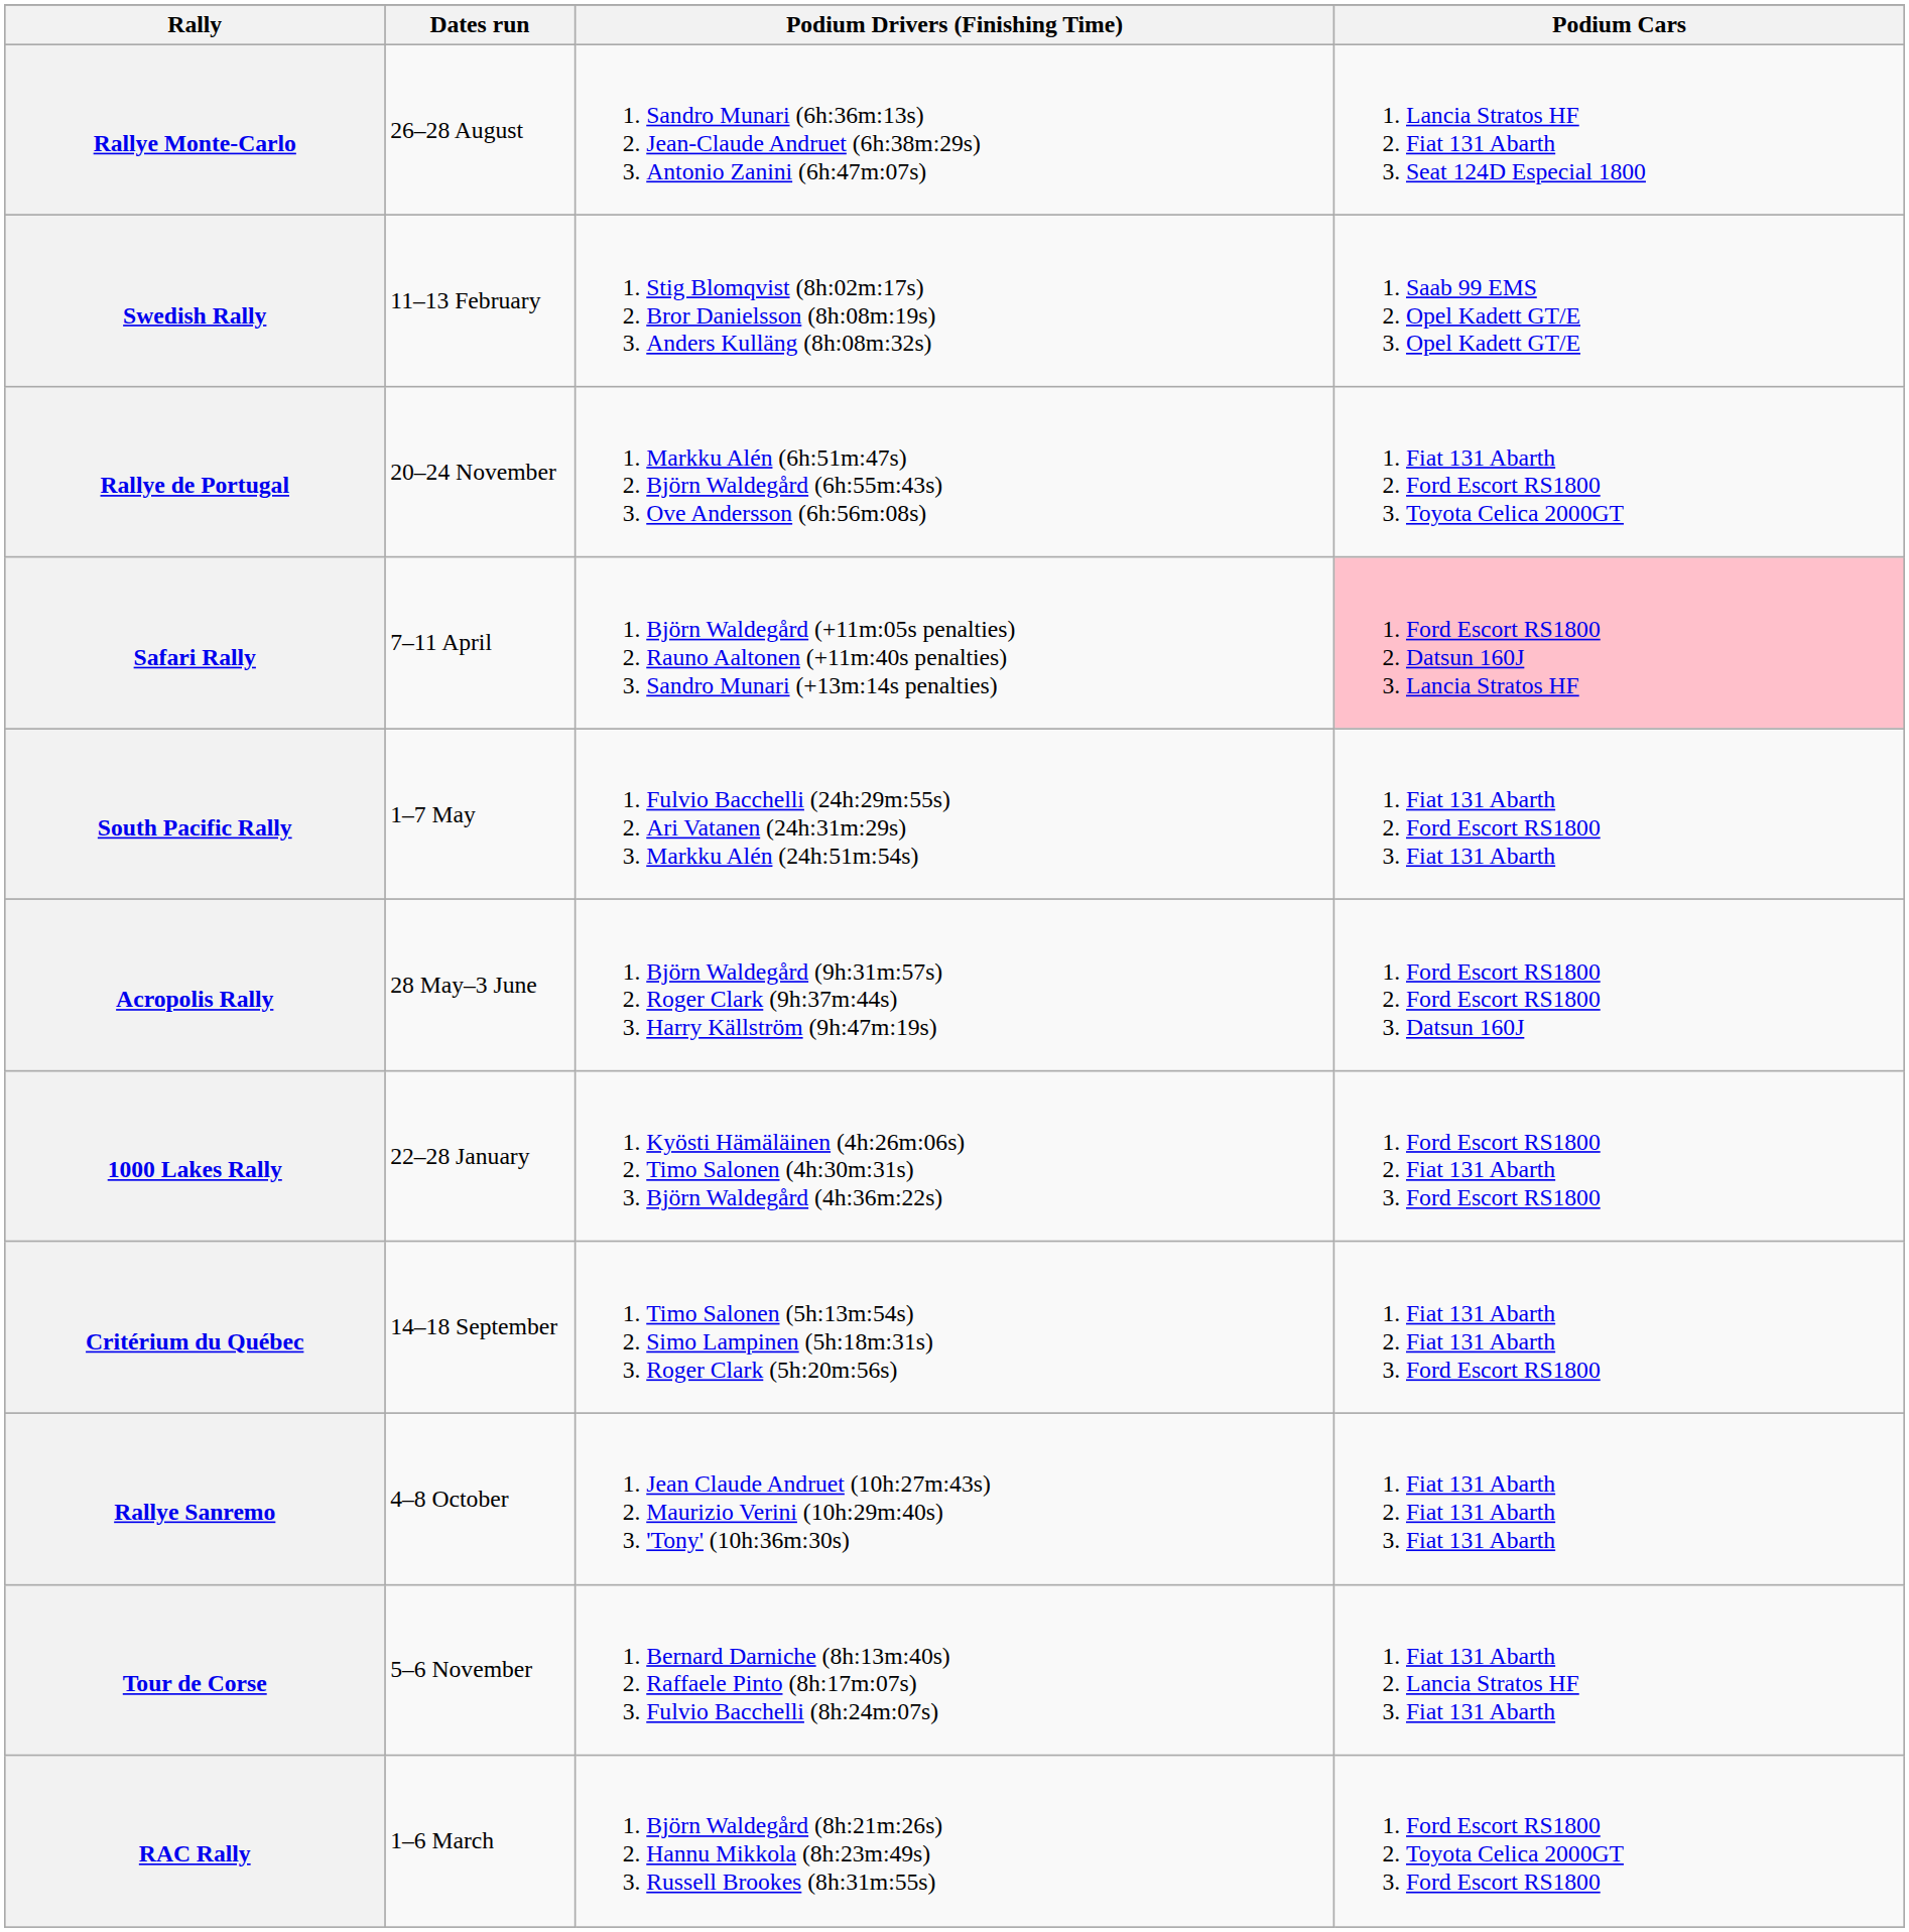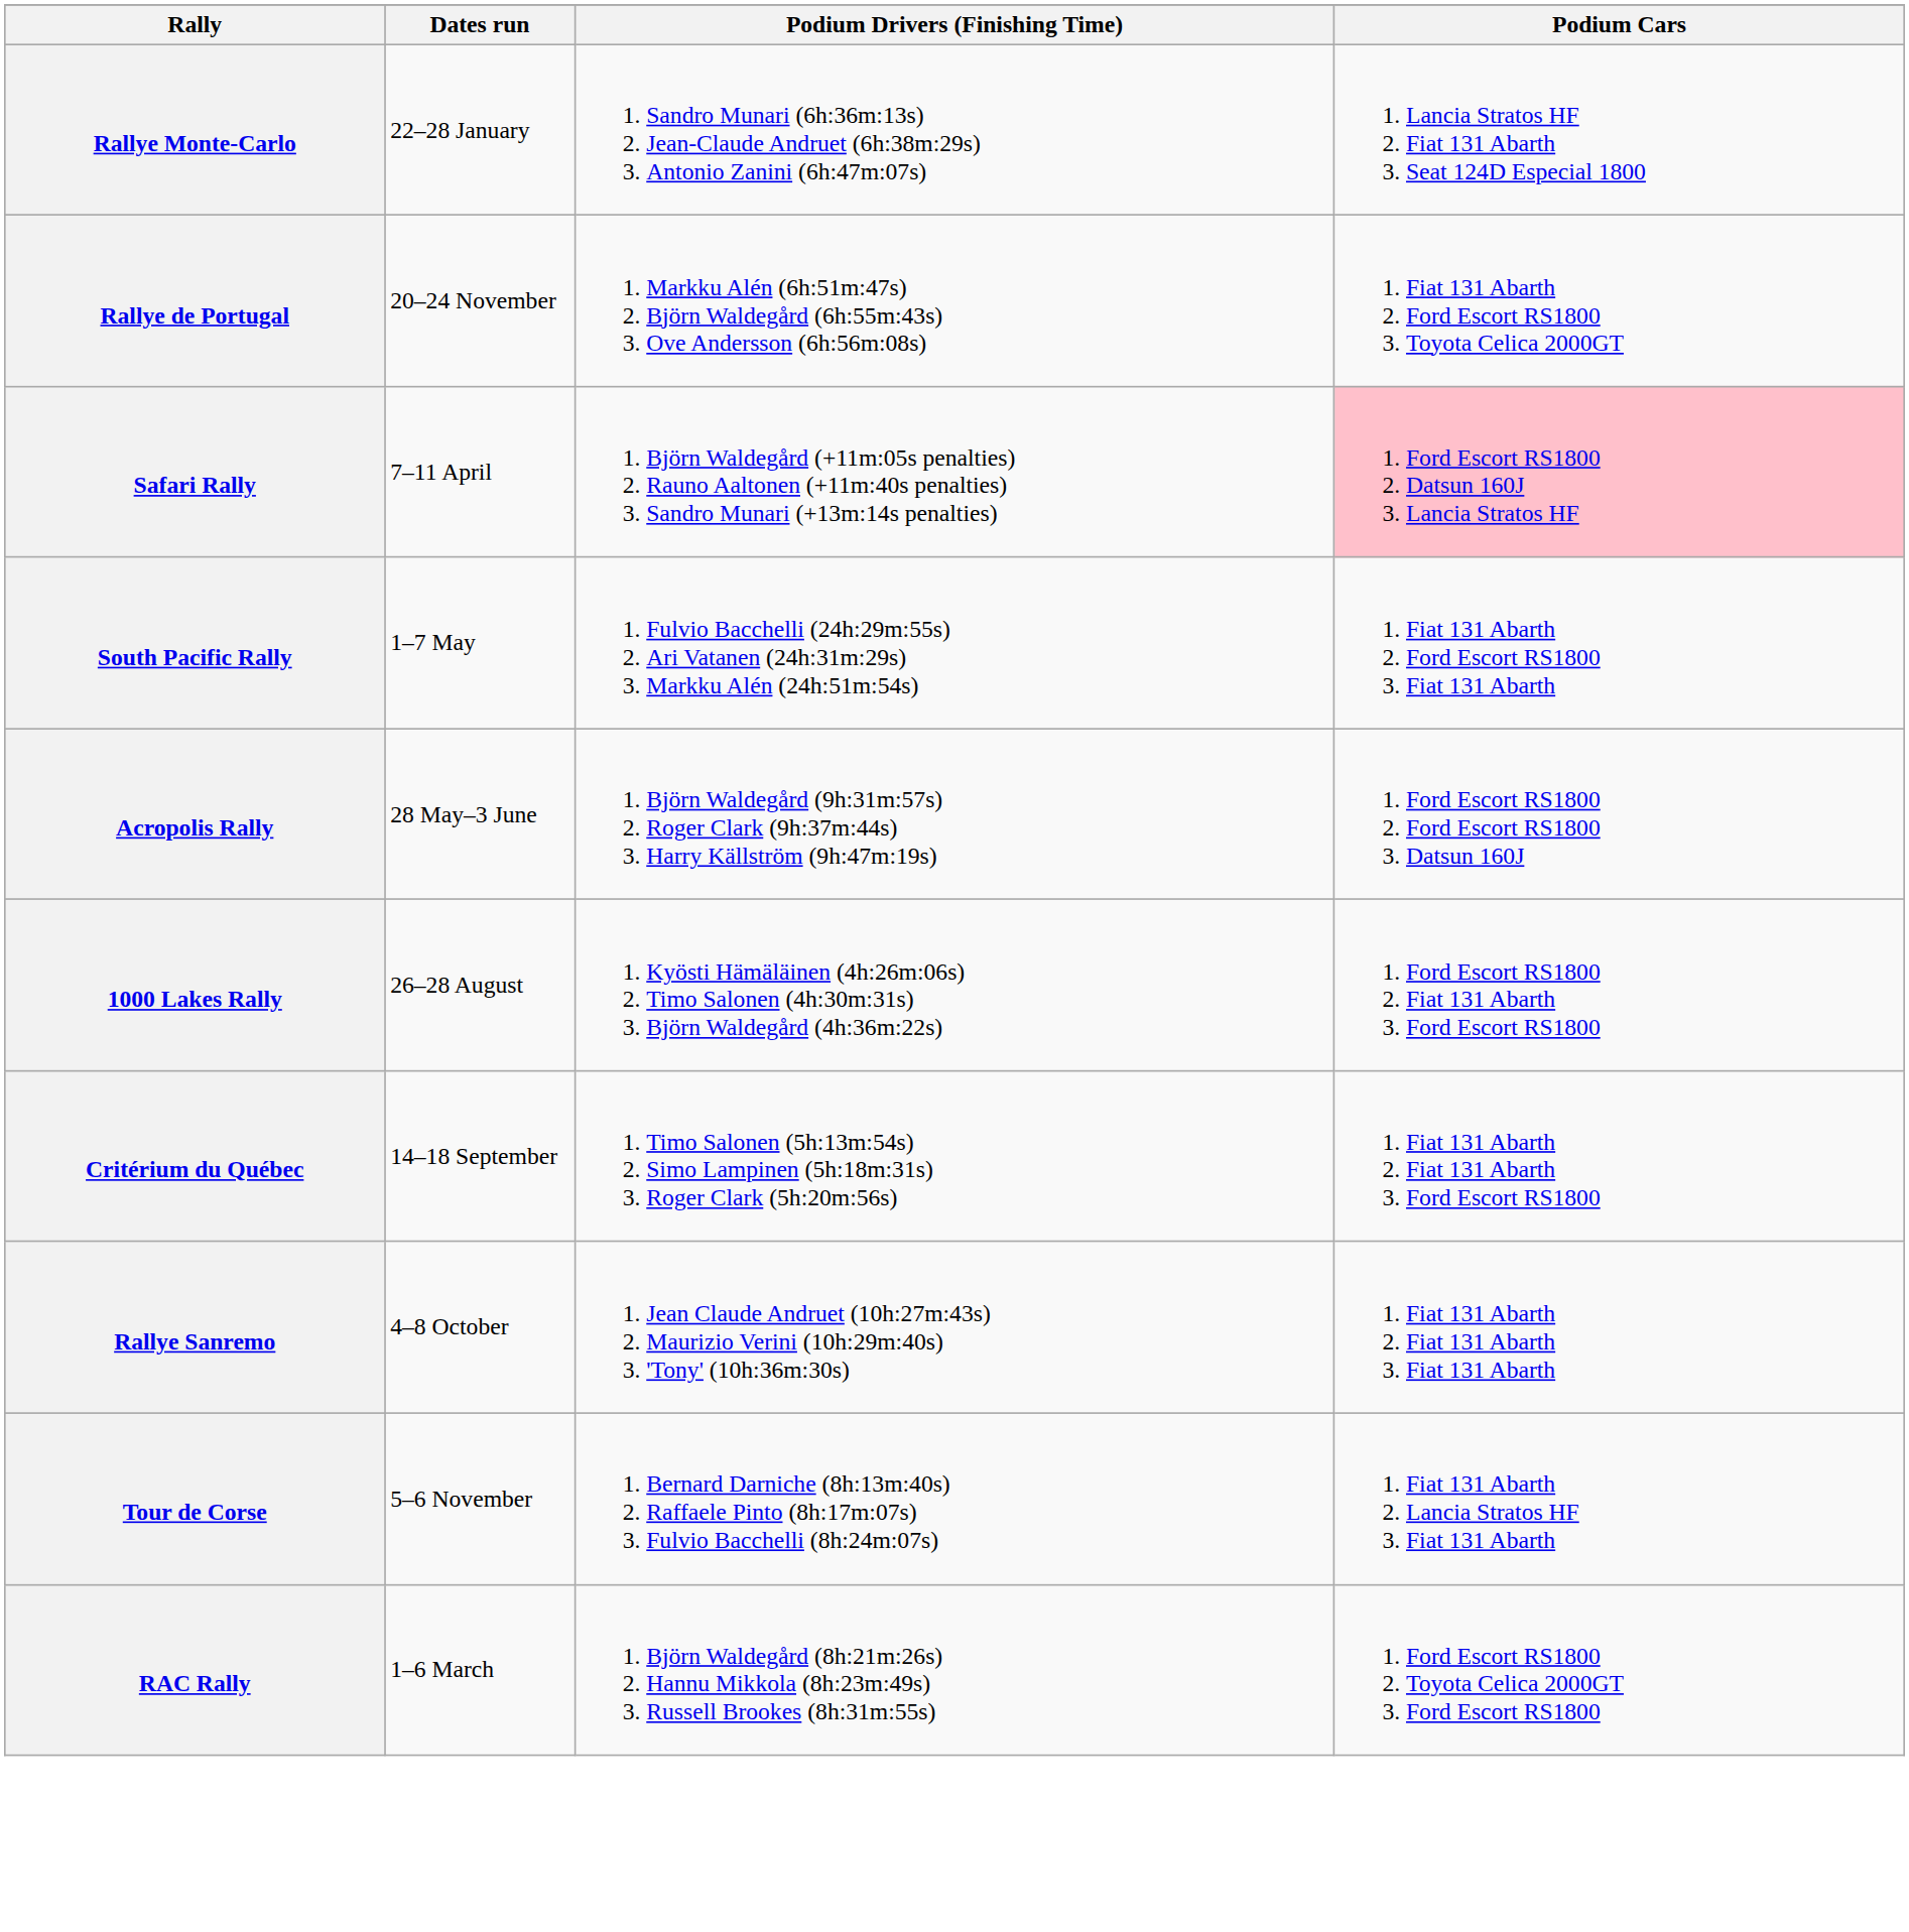 <table class="wikitable" width="100%" align=center style="font-size:90%; max-width: 1150px;">
 <tr>
 </tr>
 <tr style="background:#efefef;">
 <th colspan=1 width=20%>Rally</th>
 <th colspan=1 width=10%>Dates run</th>
 <th colspan=1 width=40%>Podium Drivers (Finishing Time)</th>
 <th colspan=1 width=30%>Podium Cars</th>
 </tr>
 <tr>
 <th><br><a href='#'>Rallye Monte-Carlo</a></th>
-<td>26–28 August</td>
+<td>22–28 January</td>
 <td><br><ol><li> <a href='#'>Sandro Munari</a> (6h:36m:13s)</li><li> <a href='#'>Jean-Claude Andruet</a> (6h:38m:29s)</li><li> <a href='#'>Antonio Zanini</a> (6h:47m:07s)</li></ol></td>
 <td><br><ol><li><a href='#'>Lancia Stratos HF</a></li><li><a href='#'>Fiat 131 Abarth</a></li><li><a href='#'>Seat 124D Especial 1800</a></li></ol></td>
-</tr>
-<tr>
-<th><br><a href='#'>Swedish Rally</a></th>
-<td>11–13 February</td>
-<td><br><ol><li> <a href='#'>Stig Blomqvist</a> (8h:02m:17s)</li><li> <a href='#'>Bror Danielsson</a> (8h:08m:19s)</li><li> <a href='#'>Anders Kulläng</a> (8h:08m:32s)</li></ol></td>
-<td><br><ol><li><a href='#'>Saab 99 EMS</a></li><li><a href='#'>Opel Kadett GT/E</a></li><li><a href='#'>Opel Kadett GT/E</a></li></ol></td>
 </tr>
 <tr>
 <th><br><a href='#'>Rallye de Portugal</a></th>
 <td>20–24 November</td>
 <td><br><ol><li> <a href='#'>Markku Alén</a> (6h:51m:47s)</li><li> <a href='#'>Björn Waldegård</a> (6h:55m:43s)</li><li> <a href='#'>Ove Andersson</a> (6h:56m:08s)</li></ol></td>
 <td><br><ol><li><a href='#'>Fiat 131 Abarth</a></li><li><a href='#'>Ford Escort RS1800</a></li><li><a href='#'>Toyota Celica 2000GT</a></li></ol></td>
 </tr>
 <tr>
 <th><br><a href='#'>Safari Rally</a></th>
 <td>7–11 April</td>
 <td><br><ol><li> <a href='#'>Björn Waldegård</a> (+11m:05s penalties)</li><li> <a href='#'>Rauno Aaltonen</a> (+11m:40s penalties)</li><li> <a href='#'>Sandro Munari</a> (+13m:14s penalties)</li></ol></td>
 <td style="background: pink;"><br><ol><li><a href='#'>Ford Escort RS1800</a></li><li><a href='#'>Datsun 160J</a></li><li><a href='#'>Lancia Stratos HF</a></li></ol></td>
 </tr>
 <tr>
 <th><br><a href='#'>South Pacific Rally</a></th>
 <td>1–7 May</td>
 <td><br><ol><li> <a href='#'>Fulvio Bacchelli</a> (24h:29m:55s)</li><li> <a href='#'>Ari Vatanen</a> (24h:31m:29s)</li><li> <a href='#'>Markku Alén</a> (24h:51m:54s)</li></ol></td>
 <td><br><ol><li><a href='#'>Fiat 131 Abarth</a></li><li><a href='#'>Ford Escort RS1800</a></li><li><a href='#'>Fiat 131 Abarth</a></li></ol></td>
 </tr>
 <tr>
 <th><br><a href='#'>Acropolis Rally</a></th>
 <td>28 May–3 June</td>
 <td><br><ol><li> <a href='#'>Björn Waldegård</a> (9h:31m:57s)</li><li> <a href='#'>Roger Clark</a> (9h:37m:44s)</li><li> <a href='#'>Harry Källström</a> (9h:47m:19s)</li></ol></td>
 <td><br><ol><li><a href='#'>Ford Escort RS1800</a></li><li><a href='#'>Ford Escort RS1800</a></li><li><a href='#'>Datsun 160J</a></li></ol></td>
 </tr>
 <tr>
 <th><br><a href='#'>1000 Lakes Rally</a></th>
-<td>22–28 January</td>
+<td>26–28 August</td>
 <td><br><ol><li> <a href='#'>Kyösti Hämäläinen</a> (4h:26m:06s)</li><li> <a href='#'>Timo Salonen</a> (4h:30m:31s)</li><li> <a href='#'>Björn Waldegård</a> (4h:36m:22s)</li></ol></td>
 <td><br><ol><li><a href='#'>Ford Escort RS1800</a></li><li><a href='#'>Fiat 131 Abarth</a></li><li><a href='#'>Ford Escort RS1800</a></li></ol></td>
 </tr>
 <tr>
 <th><br><a href='#'>Critérium du Québec</a></th>
 <td>14–18 September</td>
 <td><br><ol><li> <a href='#'>Timo Salonen</a> (5h:13m:54s)</li><li> <a href='#'>Simo Lampinen</a> (5h:18m:31s)</li><li> <a href='#'>Roger Clark</a> (5h:20m:56s)</li></ol></td>
 <td><br><ol><li><a href='#'>Fiat 131 Abarth</a></li><li><a href='#'>Fiat 131 Abarth</a></li><li><a href='#'>Ford Escort RS1800</a></li></ol></td>
 </tr>
 <tr>
 <th><br><a href='#'>Rallye Sanremo</a></th>
 <td>4–8 October</td>
 <td><br><ol><li> <a href='#'>Jean Claude Andruet</a> (10h:27m:43s)</li><li> <a href='#'>Maurizio Verini</a> (10h:29m:40s)</li><li> <a href='#'>'Tony'</a> (10h:36m:30s)</li></ol></td>
 <td><br><ol><li><a href='#'>Fiat 131 Abarth</a></li><li><a href='#'>Fiat 131 Abarth</a></li><li><a href='#'>Fiat 131 Abarth</a></li></ol></td>
 </tr>
 <tr>
 <th><br><a href='#'>Tour de Corse</a></th>
 <td>5–6 November</td>
 <td><br><ol><li> <a href='#'>Bernard Darniche</a> (8h:13m:40s)</li><li> <a href='#'>Raffaele Pinto</a> (8h:17m:07s)</li><li> <a href='#'>Fulvio Bacchelli</a> (8h:24m:07s)</li></ol></td>
 <td><br><ol><li><a href='#'>Fiat 131 Abarth</a></li><li><a href='#'>Lancia Stratos HF</a></li><li><a href='#'>Fiat 131 Abarth</a></li></ol></td>
 </tr>
 <tr>
 <th><br><a href='#'>RAC Rally</a></th>
 <td>1–6 March</td>
 <td><br><ol><li> <a href='#'>Björn Waldegård</a> (8h:21m:26s)</li><li> <a href='#'>Hannu Mikkola</a> (8h:23m:49s)</li><li> <a href='#'>Russell Brookes</a> (8h:31m:55s)</li></ol></td>
 <td><br><ol><li><a href='#'>Ford Escort RS1800</a></li><li><a href='#'>Toyota Celica 2000GT</a></li><li><a href='#'>Ford Escort RS1800</a></li></ol></td>
 </tr>
 </table>
